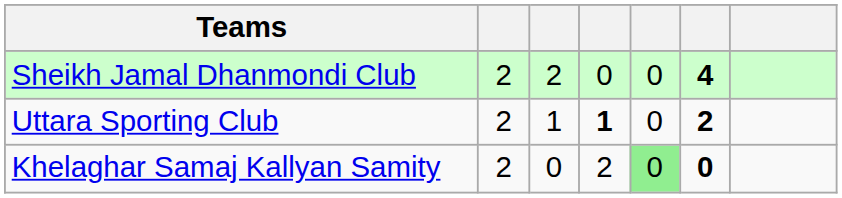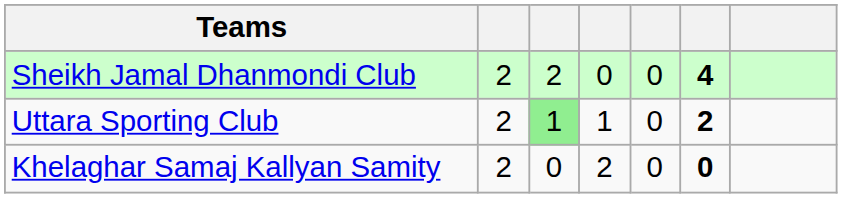 <table class="wikitable" style="text-align:center">
 <tr>
 <th style="width:250px">Teams</th>
 <th width="20"></th>
 <th width="20"></th>
 <th width="20"></th>
 <th width="20"></th>
 <th width="20"></th>
 <th width="50"></th>
 </tr>
 <tr style="background:#cfc">
 <td style="text-align:left;"><a href='#'>Sheikh Jamal Dhanmondi Club</a></td>
 <td>2</td>
 <td>2</td>
 <td>0</td>
 <td>0</td>
 <td><strong>4</strong></td>
 <td></td>
 </tr>
 <tr>
 <td style="text-align:left;"><a href='#'>Uttara Sporting Club</a></td>
 <td>2</td>
+<td style="background: lightgreen;">1</td>
 <td>1</td>
-<td><strong>1</strong></td>
 <td>0</td>
 <td><strong>2</strong></td>
 <td></td>
 </tr>
 <tr>
 <td style="text-align:left;"><a href='#'>Khelaghar Samaj Kallyan Samity</a></td>
 <td>2</td>
 <td>0</td>
 <td>2</td>
-<td style="background: lightgreen;">0</td>
+<td>0</td>
 <td><strong>0</strong></td>
 <td></td>
 </tr>
 </table>
